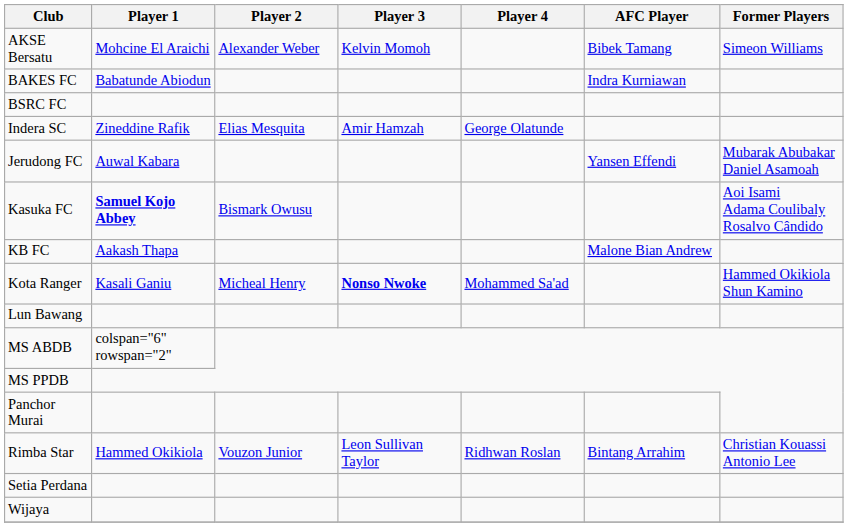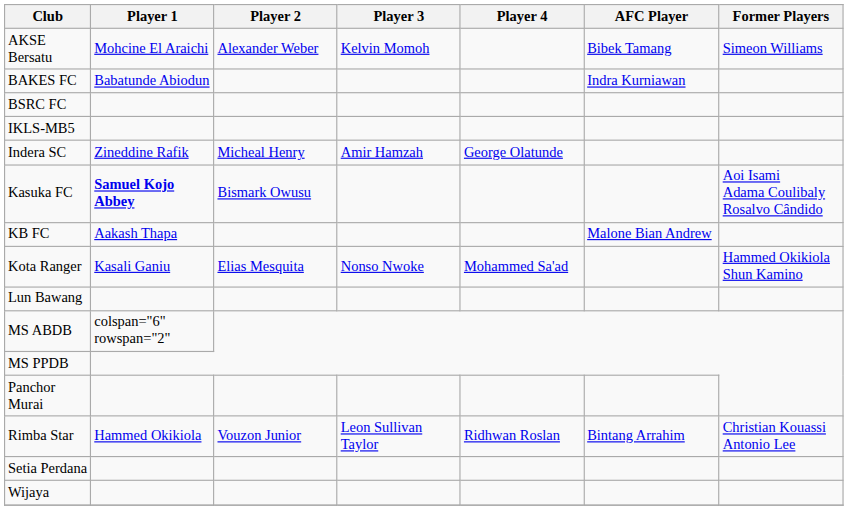 <table class="wikitable sortable" style="font-size:80%; width:84%">
 <tr>
 <th style="width:7%">Club</th>
 <th style="width:10%">Player 1</th>
 <th style="width:10%">Player 2</th>
 <th style="width:10%">Player 3</th>
 <th style="width:10%">Player 4</th>
 <th style="width:11%">AFC Player</th>
 <th style="width:10%">Former Players</th>
 </tr>
 <tr>
 <td>AKSE Bersatu</td>
 <td> <a href='#'>Mohcine El Araichi</a></td>
 <td> <a href='#'>Alexander Weber</a></td>
 <td> <a href='#'>Kelvin Momoh</a></td>
 <td></td>
 <td> <a href='#'>Bibek Tamang</a></td>
 <td> <a href='#'>Simeon Williams</a></td>
 </tr>
 <tr>
 <td>BAKES FC</td>
 <td> <a href='#'>Babatunde Abiodun</a></td>
 <td></td>
 <td></td>
 <td></td>
 <td> <a href='#'>Indra Kurniawan</a></td>
 <td></td>
 </tr>
 <tr>
 <td>BSRC FC</td>
 <td></td>
 <td></td>
 <td></td>
 <td></td>
 <td></td>
 <td></td>
 </tr>
 <tr>
+<td>IKLS-MB5</td>
+<td></td>
+<td></td>
+<td></td>
+<td></td>
+<td></td>
+<td></td>
+</tr>
+<tr>
 <td>Indera SC</td>
 <td> <a href='#'>Zineddine Rafik</a></td>
-<td> <a href='#'>Elias Mesquita</a></td>
+<td> <a href='#'>Micheal Henry</a></td>
 <td> <a href='#'>Amir Hamzah</a></td>
 <td> <a href='#'>George Olatunde</a></td>
 <td></td>
 <td></td>
-</tr>
-<tr>
-<td>Jerudong FC</td>
-<td> <a href='#'>Auwal Kabara</a></td>
-<td></td>
-<td></td>
-<td></td>
-<td> <a href='#'>Yansen Effendi</a></td>
-<td> <a href='#'>Mubarak Abubakar</a><br> <a href='#'>Daniel Asamoah</a></td>
 </tr>
 <tr>
 <td>Kasuka FC</td>
 <td><strong> <a href='#'>Samuel Kojo Abbey</a></strong></td>
 <td> <a href='#'>Bismark Owusu</a></td>
 <td></td>
 <td></td>
 <td></td>
 <td> <a href='#'>Aoi Isami</a><br> <a href='#'>Adama Coulibaly</a><br> <a href='#'>Rosalvo Cândido</a></td>
 </tr>
 <tr>
 <td>KB FC</td>
 <td> <a href='#'>Aakash Thapa</a></td>
 <td></td>
 <td></td>
 <td></td>
 <td> <a href='#'>Malone Bian Andrew</a></td>
 </tr>
 <tr>
 <td>Kota Ranger</td>
 <td> <a href='#'>Kasali Ganiu</a></td>
-<td> <a href='#'>Micheal Henry</a></td>
-<td><strong> <a href='#'>Nonso Nwoke</a></strong></td>
+<td> <a href='#'>Elias Mesquita</a></td>
+<td> <a href='#'>Nonso Nwoke</a></td>
 <td> <a href='#'>Mohammed Sa'ad</a></td>
 <td></td>
 <td> <a href='#'>Hammed Okikiola</a><br> <a href='#'>Shun Kamino</a></td>
 </tr>
 <tr>
 <td>Lun Bawang</td>
 <td></td>
 <td></td>
 <td></td>
 <td></td>
 <td></td>
 <td></td>
 </tr>
 <tr>
 <td>MS ABDB</td>
 <td>colspan="6" rowspan="2" </td>
 </tr>
 <tr>
 <td>MS PPDB</td>
 </tr>
 <tr>
 <td>Panchor Murai</td>
 <td></td>
 <td></td>
 <td></td>
 <td></td>
 <td></td>
 </tr>
 <tr>
 <td>Rimba Star</td>
 <td> <a href='#'>Hammed Okikiola</a></td>
 <td> <a href='#'>Vouzon Junior</a></td>
 <td> <a href='#'>Leon Sullivan Taylor</a></td>
 <td> <a href='#'>Ridhwan Roslan</a></td>
 <td> <a href='#'>Bintang Arrahim</a></td>
 <td> <a href='#'>Christian Kouassi</a><br> <a href='#'>Antonio Lee</a></td>
 </tr>
 <tr>
 <td>Setia Perdana</td>
 <td></td>
 <td></td>
 <td></td>
 <td></td>
 <td></td>
 <td></td>
 </tr>
 <tr>
 <td>Wijaya</td>
 <td></td>
 <td></td>
 <td></td>
 <td></td>
 <td></td>
 <td></td>
 </tr>
 <tr>
 </tr>
 </table>
